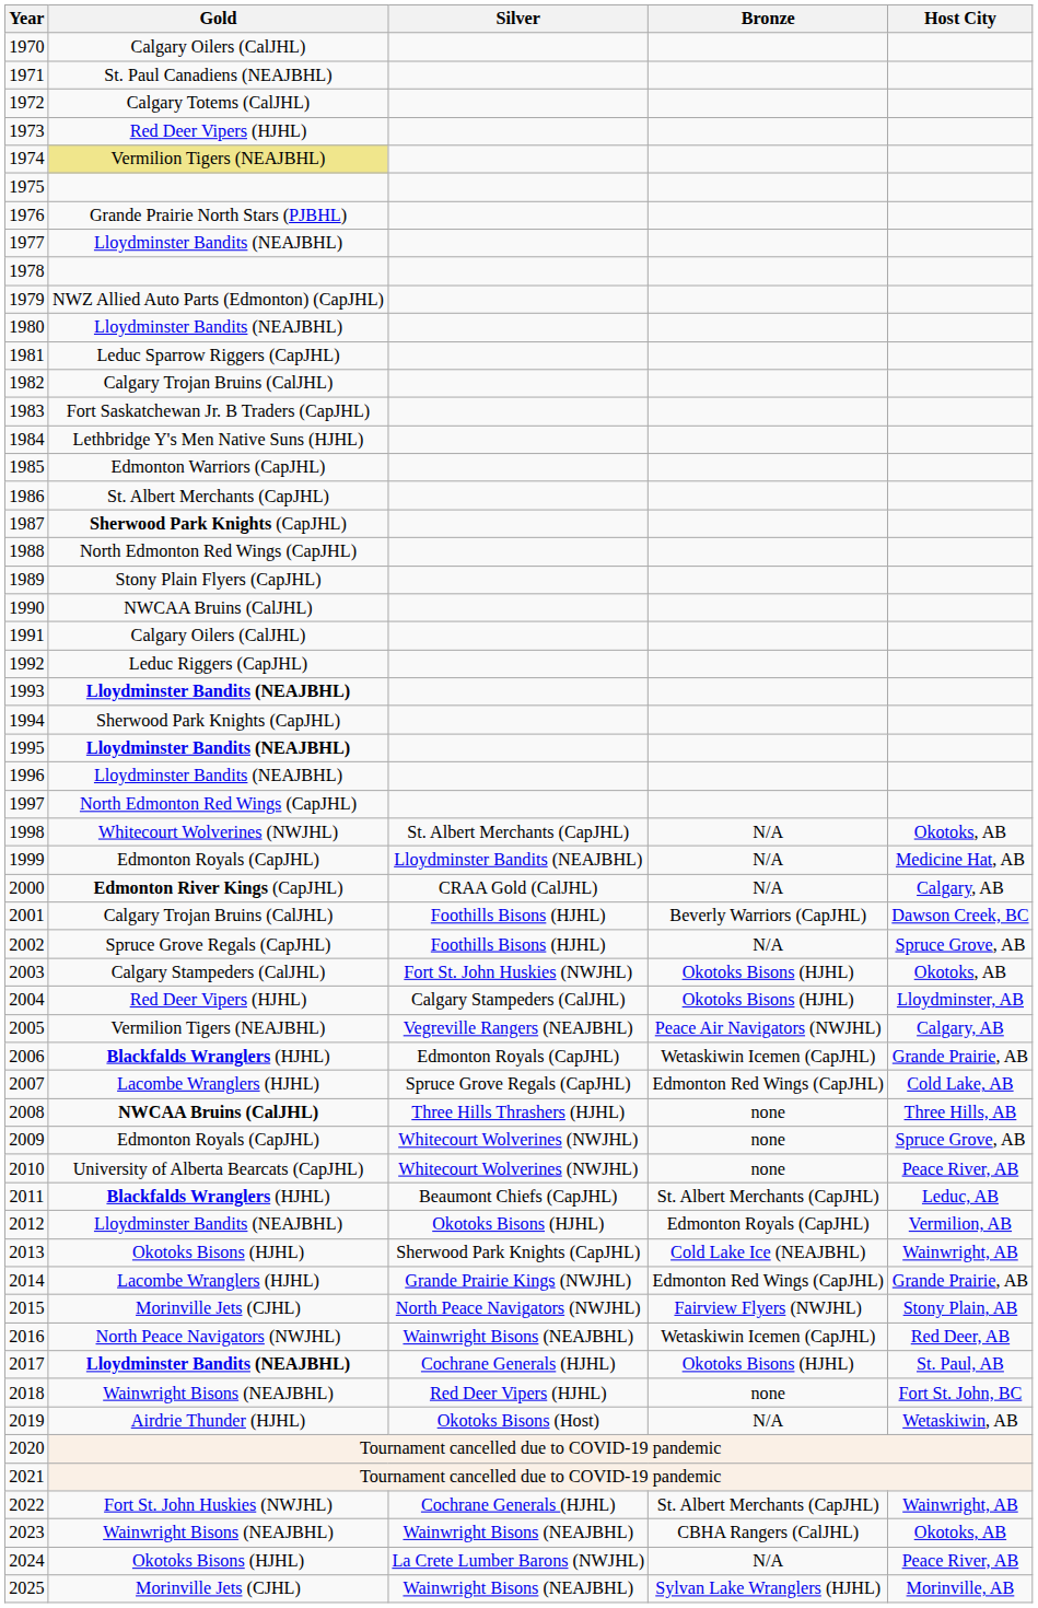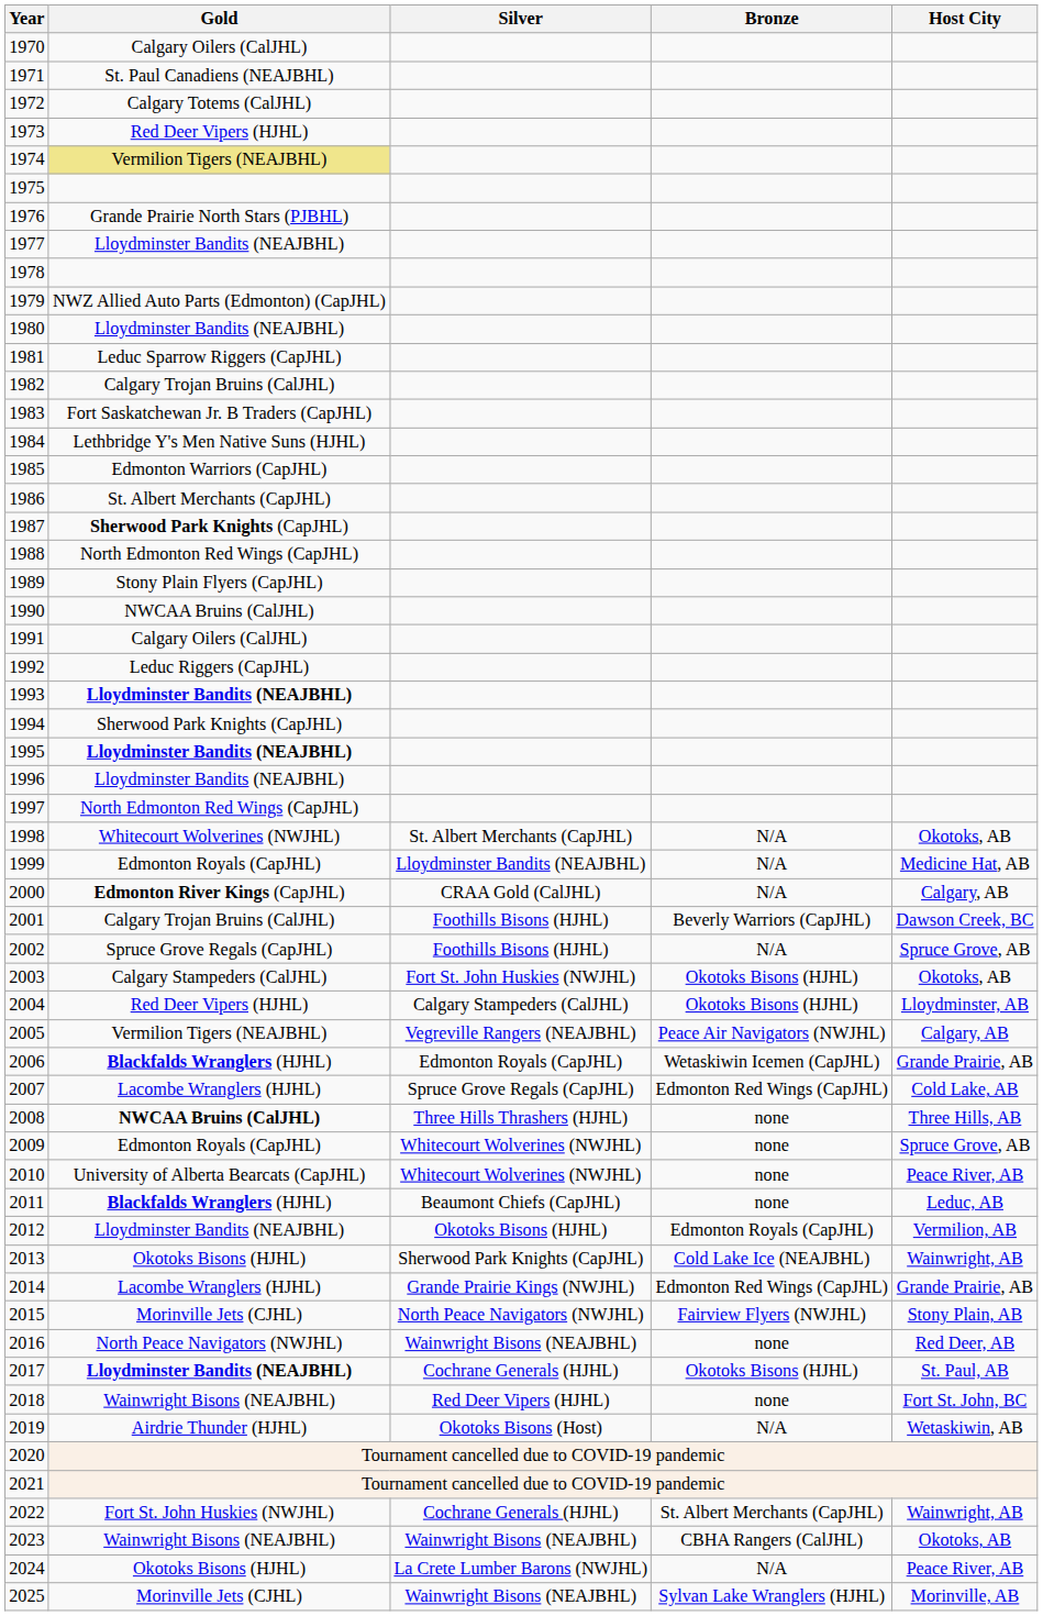 <table class="wikitable sticky-header" style="text-align:center;">
 <tr>
 <th>Year</th>
 <th>Gold</th>
 <th>Silver</th>
 <th>Bronze</th>
 <th>Host City</th>
 </tr>
 <tr>
 <td>1970</td>
 <td>Calgary Oilers (CalJHL)</td>
 <td></td>
 <td></td>
 <td></td>
 </tr>
 <tr>
 <td>1971</td>
 <td>St. Paul Canadiens (NEAJBHL)</td>
 <td></td>
 <td></td>
 <td></td>
 </tr>
 <tr>
 <td>1972</td>
 <td>Calgary Totems (CalJHL)</td>
 <td></td>
 <td></td>
 <td></td>
 </tr>
 <tr>
 <td>1973</td>
 <td><a href='#'>Red Deer Vipers</a> (HJHL)</td>
 <td></td>
 <td></td>
 <td></td>
 </tr>
 <tr>
 <td>1974</td>
 <td style="background: khaki;">Vermilion Tigers (NEAJBHL)</td>
 <td></td>
 <td></td>
 <td></td>
 </tr>
 <tr>
 <td>1975</td>
 <td></td>
 <td></td>
 <td></td>
 <td></td>
 </tr>
 <tr>
 <td>1976</td>
 <td>Grande Prairie North Stars (<a href='#'>PJBHL</a>)</td>
 <td></td>
 <td></td>
 <td></td>
 </tr>
 <tr>
 <td>1977</td>
 <td><a href='#'>Lloydminster Bandits</a> (NEAJBHL)</td>
 <td></td>
 <td></td>
 <td></td>
 </tr>
 <tr>
 <td>1978</td>
 <td></td>
 <td></td>
 <td></td>
 <td></td>
 </tr>
 <tr>
 <td>1979</td>
 <td>NWZ Allied Auto Parts (Edmonton) (CapJHL)</td>
 <td></td>
 <td></td>
 <td></td>
 </tr>
 <tr>
 <td>1980</td>
 <td><a href='#'>Lloydminster Bandits</a> (NEAJBHL)</td>
 <td></td>
 <td></td>
 <td></td>
 </tr>
 <tr>
 <td>1981</td>
 <td>Leduc Sparrow Riggers (CapJHL)</td>
 <td></td>
 <td></td>
 <td></td>
 </tr>
 <tr>
 <td>1982</td>
 <td>Calgary Trojan Bruins (CalJHL)</td>
 <td></td>
 <td></td>
 <td></td>
 </tr>
 <tr>
 <td>1983</td>
 <td>Fort Saskatchewan Jr. B Traders (CapJHL)</td>
 <td></td>
 <td></td>
 <td></td>
 </tr>
 <tr>
 <td>1984</td>
 <td>Lethbridge Y's Men Native Suns (HJHL)</td>
 <td></td>
 <td></td>
 <td></td>
 </tr>
 <tr>
 <td>1985</td>
 <td>Edmonton Warriors (CapJHL)</td>
 <td></td>
 <td></td>
 <td></td>
 </tr>
 <tr>
 <td>1986</td>
 <td>St. Albert Merchants (CapJHL)</td>
 <td></td>
 <td></td>
 <td></td>
 </tr>
 <tr>
 <td>1987</td>
 <td><strong>Sherwood Park Knights</strong> (CapJHL)</td>
 <td></td>
 <td></td>
 <td></td>
 </tr>
 <tr>
 <td>1988</td>
 <td>North Edmonton Red Wings (CapJHL)</td>
 <td></td>
 <td></td>
 <td></td>
 </tr>
 <tr>
 <td>1989</td>
 <td>Stony Plain Flyers (CapJHL)</td>
 <td></td>
 <td></td>
 <td></td>
 </tr>
 <tr>
 <td>1990</td>
 <td>NWCAA Bruins (CalJHL)</td>
 <td></td>
 <td></td>
 <td></td>
 </tr>
 <tr>
 <td>1991</td>
 <td>Calgary Oilers (CalJHL)</td>
 <td></td>
 <td></td>
 <td></td>
 </tr>
 <tr>
 <td>1992</td>
 <td>Leduc Riggers (CapJHL)</td>
 <td></td>
 <td></td>
 <td></td>
 </tr>
 <tr>
 <td>1993</td>
 <td><strong><a href='#'>Lloydminster Bandits</a> (NEAJBHL)</strong></td>
 <td></td>
 <td></td>
 <td></td>
 </tr>
 <tr>
 <td>1994</td>
 <td>Sherwood Park Knights (CapJHL)</td>
 <td></td>
 <td></td>
 <td></td>
 </tr>
 <tr>
 <td>1995</td>
 <td><strong><a href='#'>Lloydminster Bandits</a> (NEAJBHL)</strong></td>
 <td></td>
 <td></td>
 <td></td>
 </tr>
 <tr>
 <td>1996</td>
 <td><a href='#'>Lloydminster Bandits</a> (NEAJBHL)</td>
 <td></td>
 <td></td>
 <td></td>
 </tr>
 <tr>
 <td>1997</td>
 <td><a href='#'>North Edmonton Red Wings</a> (CapJHL)</td>
 <td></td>
 <td></td>
 <td></td>
 </tr>
 <tr>
 <td>1998</td>
 <td><a href='#'>Whitecourt Wolverines</a> (NWJHL)</td>
 <td>St. Albert Merchants (CapJHL)</td>
 <td>N/A</td>
 <td><a href='#'>Okotoks</a>, AB</td>
 </tr>
 <tr>
 <td>1999</td>
 <td>Edmonton Royals (CapJHL)</td>
 <td><a href='#'>Lloydminster Bandits</a> (NEAJBHL)</td>
 <td>N/A</td>
 <td><a href='#'>Medicine Hat</a>, AB</td>
 </tr>
 <tr>
 <td>2000</td>
 <td><strong>Edmonton River Kings</strong> (CapJHL)</td>
 <td>CRAA Gold (CalJHL)</td>
 <td>N/A</td>
 <td><a href='#'>Calgary</a>, AB</td>
 </tr>
 <tr>
 <td>2001</td>
 <td>Calgary Trojan Bruins (CalJHL)</td>
 <td><a href='#'>Foothills Bisons</a> (HJHL)</td>
 <td>Beverly Warriors  (CapJHL)</td>
 <td><a href='#'>Dawson Creek, BC</a></td>
 </tr>
 <tr>
 <td>2002</td>
 <td>Spruce Grove Regals (CapJHL)</td>
 <td><a href='#'>Foothills Bisons</a> (HJHL)</td>
 <td>N/A</td>
 <td><a href='#'>Spruce Grove</a>, AB</td>
 </tr>
 <tr>
 <td>2003</td>
 <td>Calgary Stampeders (CalJHL)</td>
 <td><a href='#'>Fort St. John Huskies</a> (NWJHL)</td>
 <td><a href='#'>Okotoks Bisons</a> (HJHL)</td>
 <td><a href='#'>Okotoks</a>, AB</td>
 </tr>
 <tr>
 <td>2004</td>
 <td><a href='#'>Red Deer Vipers</a> (HJHL)</td>
 <td>Calgary Stampeders (CalJHL)</td>
 <td><a href='#'>Okotoks Bisons</a> (HJHL)</td>
 <td><a href='#'>Lloydminster, AB</a></td>
 </tr>
 <tr>
 <td>2005</td>
 <td>Vermilion Tigers (NEAJBHL)</td>
 <td><a href='#'>Vegreville Rangers</a> (NEAJBHL)</td>
 <td><a href='#'>Peace Air Navigators</a> (NWJHL)</td>
 <td><a href='#'>Calgary, AB</a></td>
 </tr>
 <tr>
 <td>2006</td>
 <td><strong><a href='#'>Blackfalds Wranglers</a></strong> (HJHL)</td>
 <td>Edmonton Royals (CapJHL)</td>
 <td>Wetaskiwin Icemen (CapJHL)</td>
 <td><a href='#'>Grande Prairie</a>, AB</td>
 </tr>
 <tr>
 <td>2007</td>
 <td><a href='#'>Lacombe Wranglers</a> (HJHL)</td>
 <td>Spruce Grove Regals (CapJHL)</td>
 <td>Edmonton Red Wings (CapJHL)</td>
 <td><a href='#'>Cold Lake, AB</a></td>
 </tr>
 <tr>
 <td>2008</td>
 <td><strong>NWCAA Bruins (CalJHL)</strong></td>
 <td><a href='#'>Three Hills Thrashers</a> (HJHL)</td>
 <td>none</td>
 <td><a href='#'>Three Hills, AB</a></td>
 </tr>
 <tr>
 <td>2009</td>
 <td>Edmonton Royals (CapJHL)</td>
 <td><a href='#'>Whitecourt Wolverines</a> (NWJHL)</td>
 <td>none</td>
 <td><a href='#'>Spruce Grove</a>, AB</td>
 </tr>
 <tr>
 <td>2010</td>
 <td>University of Alberta Bearcats (CapJHL)</td>
 <td><a href='#'>Whitecourt Wolverines</a> (NWJHL)</td>
 <td>none</td>
 <td><a href='#'>Peace River, AB</a></td>
 </tr>
 <tr>
 <td>2011</td>
 <td><strong><a href='#'>Blackfalds Wranglers</a></strong> (HJHL)</td>
 <td>Beaumont Chiefs (CapJHL)</td>
-<td>St. Albert Merchants (CapJHL)</td>
+<td>none</td>
 <td><a href='#'>Leduc, AB</a></td>
 </tr>
 <tr>
 <td>2012</td>
 <td><a href='#'>Lloydminster Bandits</a> (NEAJBHL)</td>
 <td><a href='#'>Okotoks Bisons</a> (HJHL)</td>
 <td>Edmonton Royals (CapJHL)</td>
 <td><a href='#'>Vermilion, AB</a></td>
 </tr>
 <tr>
 <td>2013</td>
 <td><a href='#'>Okotoks Bisons</a> (HJHL)</td>
 <td>Sherwood Park Knights (CapJHL)</td>
 <td><a href='#'>Cold Lake Ice</a> (NEAJBHL)</td>
 <td><a href='#'>Wainwright, AB</a></td>
 </tr>
 <tr>
 <td>2014</td>
 <td><a href='#'>Lacombe Wranglers</a> (HJHL)</td>
 <td><a href='#'>Grande Prairie Kings</a> (NWJHL)</td>
 <td>Edmonton Red Wings (CapJHL)</td>
 <td><a href='#'>Grande Prairie</a>, AB</td>
 </tr>
 <tr>
 <td>2015</td>
 <td><a href='#'>Morinville Jets</a> (CJHL)</td>
 <td><a href='#'>North Peace Navigators</a> (NWJHL)</td>
 <td><a href='#'>Fairview Flyers</a> (NWJHL)</td>
 <td><a href='#'>Stony Plain, AB</a></td>
 </tr>
 <tr>
 <td>2016</td>
 <td><a href='#'>North Peace Navigators</a> (NWJHL)</td>
 <td><a href='#'>Wainwright Bisons</a> (NEAJBHL)</td>
-<td>Wetaskiwin Icemen (CapJHL)</td>
+<td>none</td>
 <td><a href='#'>Red Deer, AB</a></td>
 </tr>
 <tr>
 <td>2017</td>
 <td><strong><a href='#'>Lloydminster Bandits</a> (NEAJBHL)</strong></td>
 <td><a href='#'>Cochrane Generals</a> (HJHL)</td>
 <td><a href='#'>Okotoks Bisons</a> (HJHL)</td>
 <td><a href='#'>St. Paul, AB</a></td>
 </tr>
 <tr>
 <td>2018</td>
 <td><a href='#'>Wainwright Bisons</a> (NEAJBHL)</td>
 <td><a href='#'>Red Deer Vipers</a> (HJHL)</td>
 <td>none</td>
 <td><a href='#'>Fort St. John, BC</a></td>
 </tr>
 <tr>
 <td>2019</td>
 <td><a href='#'>Airdrie Thunder</a> (HJHL)</td>
 <td><a href='#'>Okotoks Bisons</a> (Host)</td>
 <td>N/A</td>
 <td><a href='#'>Wetaskiwin</a>, AB</td>
 </tr>
 <tr>
 <td>2020</td>
 <td colspan=11 bgcolor="linen" text_color=black>Tournament cancelled due to COVID-19 pandemic</td>
 </tr>
 <tr>
 <td>2021</td>
 <td colspan=11 bgcolor="linen" text_color=black>Tournament cancelled due to COVID-19 pandemic</td>
 </tr>
 <tr>
 <td>2022</td>
 <td><a href='#'>Fort St. John Huskies</a> (NWJHL)</td>
 <td><a href='#'>Cochrane Generals </a> (HJHL)</td>
 <td>St. Albert Merchants (CapJHL)</td>
 <td><a href='#'>Wainwright, AB</a></td>
 </tr>
 <tr>
 <td>2023</td>
 <td><a href='#'>Wainwright Bisons</a> (NEAJBHL)</td>
 <td><a href='#'>Wainwright Bisons</a> (NEAJBHL)</td>
 <td>CBHA Rangers (CalJHL)</td>
 <td><a href='#'>Okotoks, AB</a></td>
 </tr>
 <tr>
 <td>2024</td>
 <td><a href='#'>Okotoks Bisons</a> (HJHL)</td>
 <td><a href='#'>La Crete Lumber Barons</a> (NWJHL)</td>
 <td>N/A</td>
 <td><a href='#'>Peace River, AB</a></td>
 </tr>
 <tr>
 <td>2025</td>
 <td><a href='#'>Morinville Jets</a> (CJHL)</td>
 <td><a href='#'>Wainwright Bisons</a> (NEAJBHL)</td>
 <td><a href='#'>Sylvan Lake Wranglers</a> (HJHL)</td>
 <td><a href='#'>Morinville, AB</a></td>
 </tr>
 </table>
